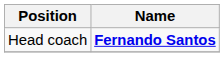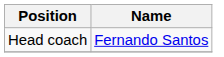 <table class="wikitable">
 <tr>
 <th>Position</th>
 <th>Name</th>
 </tr>
 <tr>
 <td>Head coach</td>
-<td><strong> <a href='#'>Fernando Santos</a></strong></td>
+<td> <a href='#'>Fernando Santos</a></td>
 </tr>
 <tr>
 </tr>
 </table>
